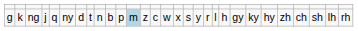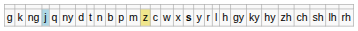 <table class="wikitable">
 <tr>
 <td><big></big></td>
 <td><big></big></td>
 <td><big></big></td>
 <td><big></big></td>
 <td><big></big></td>
 <td><big></big></td>
 <td><big></big></td>
 <td><big></big></td>
 <td><big></big></td>
 <td><big></big></td>
 <td><big></big></td>
 <td><big></big></td>
 <td><big></big></td>
 <td><big></big></td>
 <td><big></big></td>
 <td><big></big></td>
 <td><big></big></td>
 <td><big></big></td>
 <td><big></big></td>
 <td><big></big></td>
 <td><big></big></td>
 <td><big></big></td>
 <td><big></big></td>
 <td><big></big></td>
 <td><big></big></td>
 <td><big></big></td>
 <td><big></big></td>
 <td><big></big></td>
 <td><big></big></td>
 </tr>
 <tr>
 <td>g</td>
 <td>k</td>
 <td>ng</td>
-<td>j</td>
+<td style="background: lightblue;">j</td>
 <td>q</td>
 <td>ny</td>
 <td>d</td>
 <td>t</td>
 <td>n</td>
 <td>b</td>
 <td>p</td>
-<td style="background: lightblue;">m</td>
-<td>z</td>
+<td>m</td>
+<td style="background: khaki;">z</td>
 <td>c</td>
 <td>w</td>
 <td>x</td>
-<td>s</td>
+<td><strong>s</strong></td>
 <td>y</td>
 <td>r</td>
 <td>l</td>
 <td>h</td>
 <td>gy</td>
 <td>ky</td>
 <td>hy</td>
 <td>zh</td>
 <td>ch</td>
 <td>sh</td>
 <td>lh</td>
 <td>rh</td>
 </tr>
 </table>
